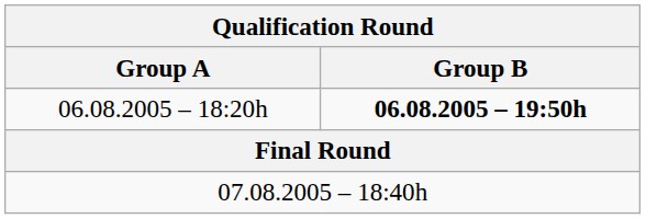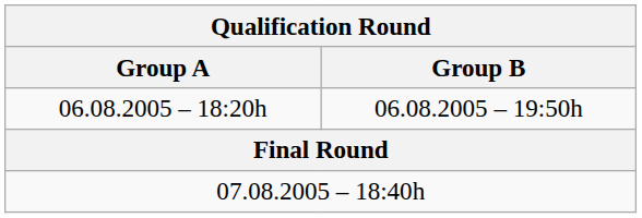 <table class="wikitable" style=" text-align:center; font-size:110%;" width="35%">
 <tr>
 <th colspan="2">Qualification Round</th>
 </tr>
 <tr>
 <th>Group A</th>
 <th>Group B</th>
 </tr>
 <tr>
 <td>06.08.2005 – 18:20h</td>
-<td><strong>06.08.2005 – 19:50h</strong></td>
+<td>06.08.2005 – 19:50h</td>
 </tr>
 <tr>
 <th colspan="2">Final Round</th>
 </tr>
 <tr>
 <td colspan="2">07.08.2005 – 18:40h</td>
 </tr>
 </table>
